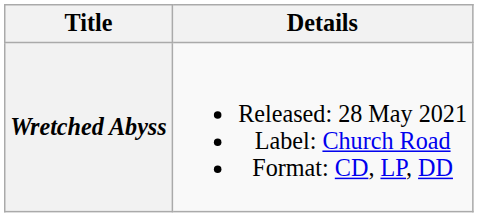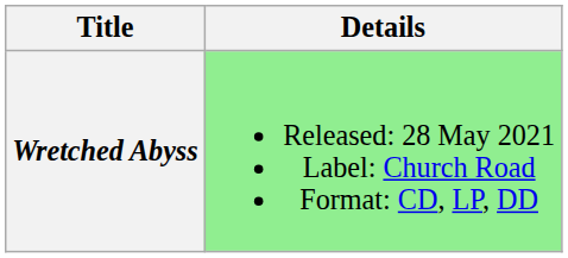 <table class="wikitable plainrowheaders" style="text-align:center;" border="1">
 <tr>
 <th>Title</th>
 <th>Details</th>
 </tr>
 <tr>
 <th scope="row"><em>Wretched Abyss</em></th>
-<td><br><ul><li>Released: 28 May 2021</li><li>Label: <a href='#'>Church Road</a></li><li>Format: <a href='#'>CD</a>, <a href='#'>LP</a>, <a href='#'>DD</a></li></ul></td>
+<td style="background: lightgreen;"><br><ul><li>Released: 28 May 2021</li><li>Label: <a href='#'>Church Road</a></li><li>Format: <a href='#'>CD</a>, <a href='#'>LP</a>, <a href='#'>DD</a></li></ul></td>
 </tr>
 </table>
